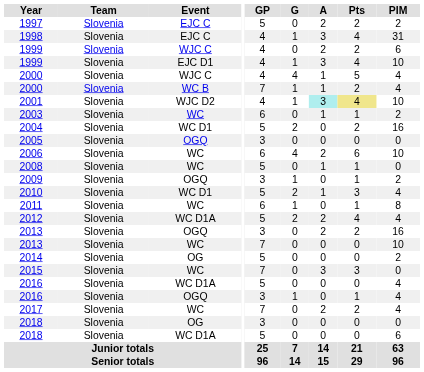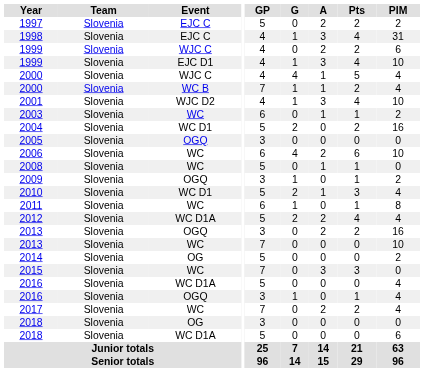 <table border="0" cellpadding="1" cellspacing="0" ID="Table3" style="text-align:center; width:40em">
 <tr ALIGN="center" bgcolor="#e0e0e0">
 <th>Year</th>
 <th>Team</th>
 <th>Event</th>
 <th rowspan="102" bgcolor="#ffffff"></th>
 <th>GP</th>
 <th>G</th>
 <th>A</th>
 <th>Pts</th>
 <th>PIM</th>
 </tr>
 <tr>
 <td><a href='#'>1997</a></td>
 <td><a href='#'>Slovenia</a></td>
 <td><a href='#'>EJC C</a></td>
 <td>5</td>
 <td>0</td>
 <td>2</td>
 <td>2</td>
 <td>2</td>
 </tr>
 <tr bgcolor="#f0f0f0">
 <td><a href='#'>1998</a></td>
 <td>Slovenia</td>
 <td>EJC C</td>
 <td>4</td>
 <td>1</td>
 <td>3</td>
 <td>4</td>
 <td>31</td>
 </tr>
 <tr>
 <td><a href='#'>1999</a></td>
 <td><a href='#'>Slovenia</a></td>
 <td><a href='#'>WJC C</a></td>
 <td>4</td>
 <td>0</td>
 <td>2</td>
 <td>2</td>
 <td>6</td>
 </tr>
 <tr bgcolor="#f0f0f0">
 <td><a href='#'>1999</a></td>
 <td>Slovenia</td>
 <td>EJC D1</td>
 <td>4</td>
 <td>1</td>
 <td>3</td>
 <td>4</td>
 <td>10</td>
 </tr>
 <tr>
 <td><a href='#'>2000</a></td>
 <td>Slovenia</td>
 <td>WJC C</td>
 <td>4</td>
 <td>4</td>
 <td>1</td>
 <td>5</td>
 <td>4</td>
 </tr>
 <tr bgcolor="#f0f0f0">
 <td><a href='#'>2000</a></td>
 <td><a href='#'>Slovenia</a></td>
 <td><a href='#'>WC B</a></td>
 <td>7</td>
 <td>1</td>
 <td>1</td>
 <td>2</td>
 <td>4</td>
 </tr>
 <tr>
 <td><a href='#'>2001</a></td>
 <td>Slovenia</td>
 <td>WJC D2</td>
 <td>4</td>
 <td>1</td>
-<td style="background: paleturquoise;">3</td>
-<td style="background: khaki;">4</td>
+<td>3</td>
+<td>4</td>
 <td>10</td>
 </tr>
 <tr bgcolor="#f0f0f0">
 <td><a href='#'>2003</a></td>
 <td>Slovenia</td>
 <td><a href='#'>WC</a></td>
 <td>6</td>
 <td>0</td>
 <td>1</td>
 <td>1</td>
 <td>2</td>
 </tr>
 <tr>
 <td><a href='#'>2004</a></td>
 <td>Slovenia</td>
 <td>WC D1</td>
 <td>5</td>
 <td>2</td>
 <td>0</td>
 <td>2</td>
 <td>16</td>
 </tr>
 <tr bgcolor="#f0f0f0">
 <td><a href='#'>2005</a></td>
 <td>Slovenia</td>
 <td><a href='#'>OGQ</a></td>
 <td>3</td>
 <td>0</td>
 <td>0</td>
 <td>0</td>
 <td>0</td>
 </tr>
 <tr>
 <td><a href='#'>2006</a></td>
 <td>Slovenia</td>
 <td>WC</td>
 <td>6</td>
 <td>4</td>
 <td>2</td>
 <td>6</td>
 <td>10</td>
 </tr>
 <tr bgcolor="#f0f0f0">
 <td><a href='#'>2008</a></td>
 <td>Slovenia</td>
 <td>WC</td>
 <td>5</td>
 <td>0</td>
 <td>1</td>
 <td>1</td>
 <td>0</td>
 </tr>
 <tr>
 <td><a href='#'>2009</a></td>
 <td>Slovenia</td>
 <td>OGQ</td>
 <td>3</td>
 <td>1</td>
 <td>0</td>
 <td>1</td>
 <td>2</td>
 </tr>
 <tr bgcolor="#f0f0f0">
 <td><a href='#'>2010</a></td>
 <td>Slovenia</td>
 <td>WC D1</td>
 <td>5</td>
 <td>2</td>
 <td>1</td>
 <td>3</td>
 <td>4</td>
 </tr>
 <tr>
 <td><a href='#'>2011</a></td>
 <td>Slovenia</td>
 <td>WC</td>
 <td>6</td>
 <td>1</td>
 <td>0</td>
 <td>1</td>
 <td>8</td>
 </tr>
 <tr bgcolor="#f0f0f0">
 <td><a href='#'>2012</a></td>
 <td>Slovenia</td>
 <td>WC D1A</td>
 <td>5</td>
 <td>2</td>
 <td>2</td>
 <td>4</td>
 <td>4</td>
 </tr>
 <tr>
 <td><a href='#'>2013</a></td>
 <td>Slovenia</td>
 <td>OGQ</td>
 <td>3</td>
 <td>0</td>
 <td>2</td>
 <td>2</td>
 <td>16</td>
 </tr>
 <tr bgcolor="#f0f0f0">
 <td><a href='#'>2013</a></td>
 <td>Slovenia</td>
 <td>WC</td>
 <td>7</td>
 <td>0</td>
 <td>0</td>
 <td>0</td>
 <td>10</td>
 </tr>
 <tr>
 <td><a href='#'>2014</a></td>
 <td>Slovenia</td>
 <td>OG</td>
 <td>5</td>
 <td>0</td>
 <td>0</td>
 <td>0</td>
 <td>2</td>
 </tr>
 <tr bgcolor="#f0f0f0">
 <td><a href='#'>2015</a></td>
 <td>Slovenia</td>
 <td>WC</td>
 <td>7</td>
 <td>0</td>
 <td>3</td>
 <td>3</td>
 <td>0</td>
 </tr>
 <tr>
 <td><a href='#'>2016</a></td>
 <td>Slovenia</td>
 <td>WC D1A</td>
 <td>5</td>
 <td>0</td>
 <td>0</td>
 <td>0</td>
 <td>4</td>
 </tr>
 <tr bgcolor="#f0f0f0">
 <td><a href='#'>2016</a></td>
 <td>Slovenia</td>
 <td>OGQ</td>
 <td>3</td>
 <td>1</td>
 <td>0</td>
 <td>1</td>
 <td>4</td>
 </tr>
 <tr>
 <td><a href='#'>2017</a></td>
 <td>Slovenia</td>
 <td>WC</td>
 <td>7</td>
 <td>0</td>
 <td>2</td>
 <td>2</td>
 <td>4</td>
 </tr>
 <tr bgcolor="#f0f0f0">
 <td><a href='#'>2018</a></td>
 <td>Slovenia</td>
 <td>OG</td>
 <td>3</td>
 <td>0</td>
 <td>0</td>
 <td>0</td>
 <td>0</td>
 </tr>
 <tr>
 <td><a href='#'>2018</a></td>
 <td>Slovenia</td>
 <td>WC D1A</td>
 <td>5</td>
 <td>0</td>
 <td>0</td>
 <td>0</td>
 <td>6</td>
 </tr>
 <tr bgcolor="#e0e0e0">
 <th colspan=3>Junior totals</th>
 <th>25</th>
 <th>7</th>
 <th>14</th>
 <th>21</th>
 <th>63</th>
 </tr>
 <tr bgcolor="#e0e0e0">
 <th colspan=3>Senior totals</th>
 <th>96</th>
 <th>14</th>
 <th>15</th>
 <th>29</th>
 <th>96</th>
 </tr>
 </table>
